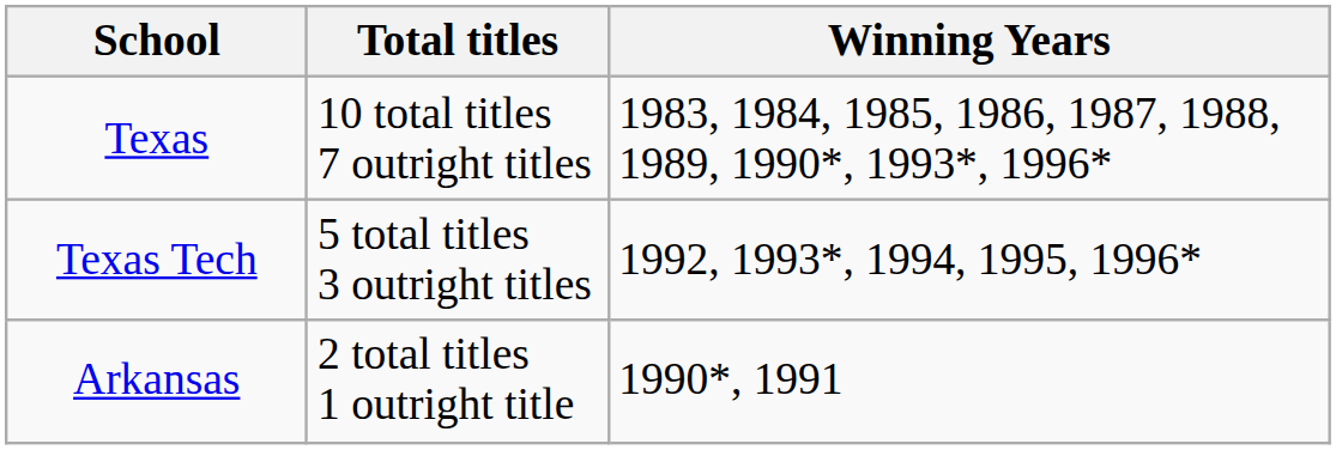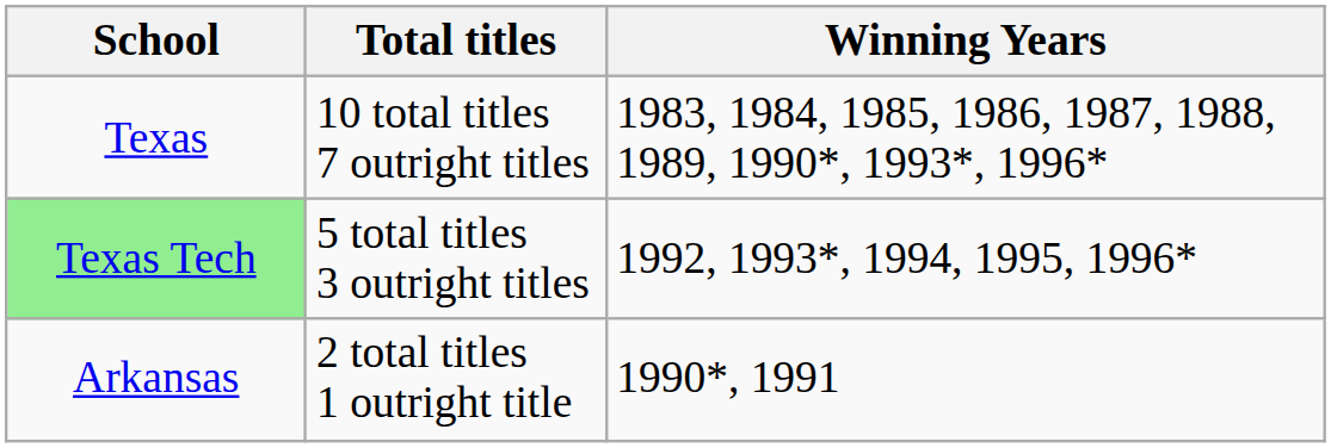 <table class="wikitable">
 <tr>
 <th width="100">School</th>
 <th width="100">Total titles</th>
 <th width="250">Winning Years</th>
 </tr>
 <tr>
 <td style="text-align: center;"><a href='#'>Texas</a></td>
 <td>10 total titles<br>7 outright titles</td>
 <td>1983, 1984, 1985, 1986, 1987, 1988, 1989, 1990*, 1993*, 1996*</td>
 </tr>
 <tr>
-<td style="text-align: center;"><a href='#'>Texas Tech</a></td>
+<td style="background: lightgreen; text-align: center;"><a href='#'>Texas Tech</a></td>
 <td>5 total titles<br>3 outright titles</td>
 <td>1992, 1993*, 1994, 1995, 1996*</td>
 </tr>
 <tr>
 <td style="text-align: center;"><a href='#'>Arkansas</a></td>
 <td>2 total titles<br>1 outright title</td>
 <td>1990*, 1991</td>
 </tr>
 </table>
